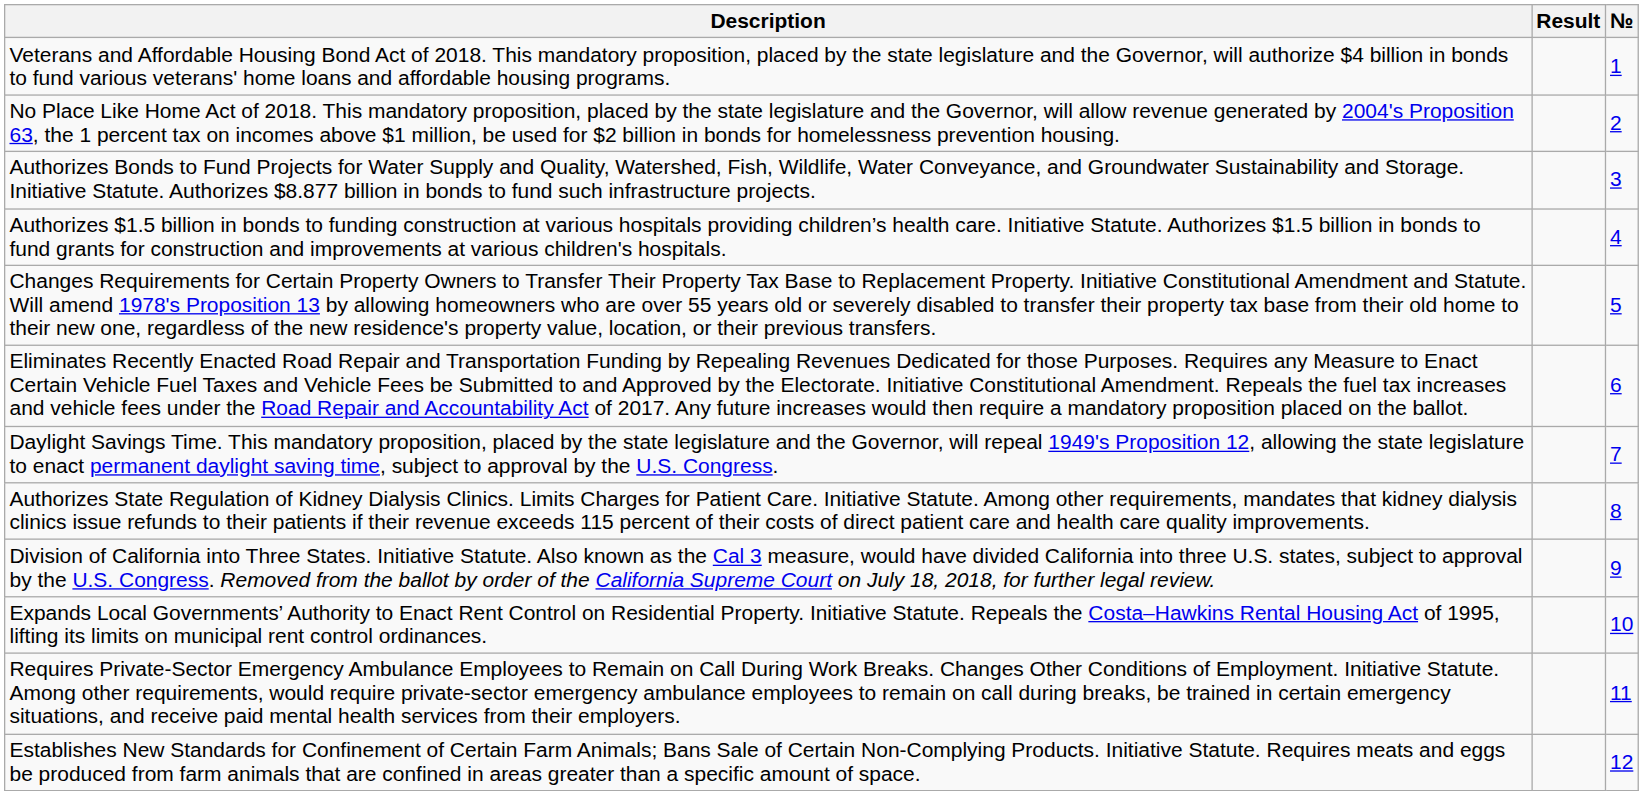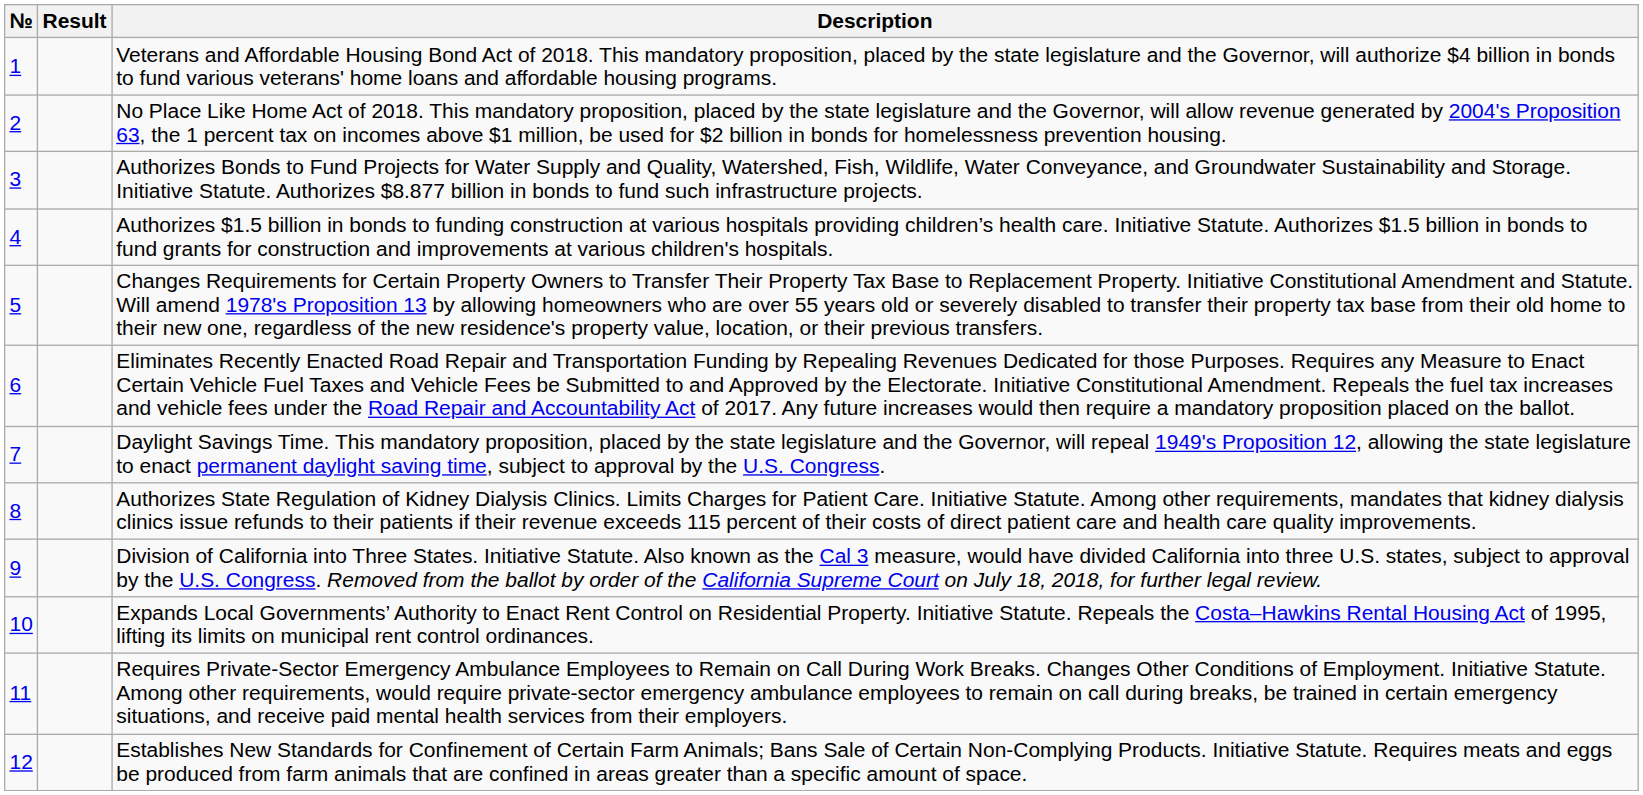 <table class="wikitable">
 <tr>
+<th scope="col">№</th>
+<th scope="col">Result</th>
 <th scope="col">Description</th>
-<th scope="col">Result</th>
-<th scope="col">№</th>
 </tr>
 <tr>
+<td><a href='#'>1</a></td>
+<td></td>
 <td>Veterans and Affordable Housing Bond Act of 2018. This mandatory proposition, placed by the state legislature and the Governor, will authorize $4 billion in bonds to fund various veterans' home loans and affordable housing programs.</td>
-<td></td>
-<td><a href='#'>1</a></td>
 </tr>
 <tr>
+<td><a href='#'>2</a></td>
+<td></td>
 <td>No Place Like Home Act of 2018. This mandatory proposition, placed by the state legislature and the Governor, will allow revenue generated by <a href='#'>2004's Proposition 63</a>, the 1 percent tax on incomes above $1 million, be used for $2 billion in bonds for homelessness prevention housing.</td>
-<td></td>
-<td><a href='#'>2</a></td>
 </tr>
 <tr>
+<td><a href='#'>3</a></td>
+<td></td>
 <td>Authorizes Bonds to Fund Projects for Water Supply and Quality, Watershed, Fish, Wildlife, Water Conveyance, and Groundwater Sustainability and Storage. Initiative Statute. Authorizes $8.877 billion in bonds to fund such infrastructure projects.</td>
-<td></td>
-<td><a href='#'>3</a></td>
 </tr>
 <tr>
+<td><a href='#'>4</a></td>
+<td></td>
 <td>Authorizes $1.5 billion in bonds to funding construction at various hospitals providing children’s health care. Initiative Statute. Authorizes $1.5 billion in bonds to fund grants for construction and improvements at various children's hospitals.</td>
-<td></td>
-<td><a href='#'>4</a></td>
 </tr>
 <tr>
+<td><a href='#'>5</a></td>
+<td></td>
 <td>Changes Requirements for Certain Property Owners to Transfer Their Property Tax Base to Replacement Property. Initiative Constitutional Amendment and Statute. Will amend <a href='#'>1978's Proposition 13</a> by allowing homeowners who are over 55 years old or severely disabled to transfer their property tax base from their old home to their new one, regardless of the new residence's property value, location, or their previous transfers.</td>
-<td></td>
-<td><a href='#'>5</a></td>
 </tr>
 <tr>
+<td><a href='#'>6</a></td>
+<td></td>
 <td>Eliminates Recently Enacted Road Repair and Transportation Funding by Repealing Revenues Dedicated for those Purposes. Requires any Measure to Enact Certain Vehicle Fuel Taxes and Vehicle Fees be Submitted to and Approved by the Electorate. Initiative Constitutional Amendment. Repeals the fuel tax increases and vehicle fees under the <a href='#'>Road Repair and Accountability Act</a> of 2017. Any future increases would then require a mandatory proposition placed on the ballot.</td>
-<td></td>
-<td><a href='#'>6</a></td>
 </tr>
 <tr>
+<td><a href='#'>7</a></td>
+<td></td>
 <td>Daylight Savings Time. This mandatory proposition, placed by the state legislature and the Governor, will repeal <a href='#'>1949's Proposition 12</a>, allowing the state legislature to enact <a href='#'>permanent daylight saving time</a>, subject to approval by the <a href='#'>U.S. Congress</a>.</td>
-<td></td>
-<td><a href='#'>7</a></td>
 </tr>
 <tr>
+<td><a href='#'>8</a></td>
+<td></td>
 <td>Authorizes State Regulation of Kidney Dialysis Clinics. Limits Charges for Patient Care. Initiative Statute. Among other requirements, mandates that kidney dialysis clinics issue refunds to their patients if their revenue exceeds 115 percent of their costs of direct patient care and health care quality improvements.</td>
-<td></td>
-<td><a href='#'>8</a></td>
 </tr>
 <tr>
+<td><a href='#'>9</a></td>
+<td></td>
 <td>Division of California into Three States. Initiative Statute. Also known as the <a href='#'>Cal 3</a> measure, would have divided California into three U.S. states, subject to approval by the <a href='#'>U.S. Congress</a>. <em>Removed from the ballot by order of the <a href='#'>California Supreme Court</a> on July 18, 2018, for further legal review.</em></td>
-<td></td>
-<td><a href='#'>9</a></td>
 </tr>
 <tr>
+<td><a href='#'>10</a></td>
+<td></td>
 <td>Expands Local Governments’ Authority to Enact Rent Control on Residential Property. Initiative Statute. Repeals the <a href='#'>Costa–Hawkins Rental Housing Act</a> of 1995, lifting its limits on municipal rent control ordinances.</td>
-<td></td>
-<td><a href='#'>10</a></td>
 </tr>
 <tr>
+<td><a href='#'>11</a></td>
+<td></td>
 <td>Requires Private-Sector Emergency Ambulance Employees to Remain on Call During Work Breaks. Changes Other Conditions of Employment. Initiative Statute. Among other requirements, would require private-sector emergency ambulance employees to remain on call during breaks, be trained in certain emergency situations, and receive paid mental health services from their employers.</td>
-<td></td>
-<td><a href='#'>11</a></td>
 </tr>
 <tr>
+<td><a href='#'>12</a></td>
+<td></td>
 <td>Establishes New Standards for Confinement of Certain Farm Animals; Bans Sale of Certain Non-Complying Products. Initiative Statute. Requires meats and eggs be produced from farm animals that are confined in areas greater than a specific amount of space.</td>
-<td></td>
-<td><a href='#'>12</a></td>
 </tr>
 </table>
